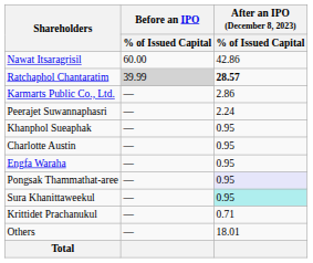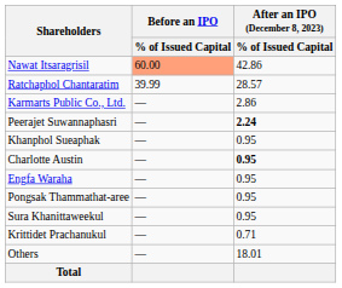 <table class="wikitable sortable col2right col3right" style="font-size: 95%;">
 <tr>
 <th rowspan=2>Shareholders</th>
 <th>Before an <a href='#'>IPO</a></th>
 <th>After an IPO<br><small>(December 8, 2023)</small></th>
 </tr>
 <tr>
 <th>% of Issued Capital</th>
 <th>% of Issued Capital</th>
 </tr>
 <tr>
 <td><a href='#'>Nawat Itsaragrisil</a></td>
-<td>60.00</td>
+<td style="background: lightsalmon;">60.00</td>
 <td>42.86</td>
 </tr>
 <tr>
 <td><a href='#'>Ratchaphol Chantaratim</a></td>
-<td style="background: lightgrey;">39.99</td>
-<td><strong>28.57</strong></td>
+<td>39.99</td>
+<td>28.57</td>
 </tr>
 <tr>
 <td><a href='#'>Karmarts Public Co., Ltd.</a></td>
 <td>—</td>
 <td>2.86</td>
 </tr>
 <tr>
 <td>Peerajet Suwannaphasri</td>
 <td>—</td>
-<td>2.24</td>
+<td><strong>2.24</strong></td>
 </tr>
 <tr>
 <td>Khanphol Sueaphak</td>
 <td>—</td>
 <td>0.95</td>
 </tr>
 <tr>
 <td>Charlotte Austin</td>
 <td>—</td>
-<td>0.95</td>
+<td><strong>0.95</strong></td>
 </tr>
 <tr>
 <td><a href='#'>Engfa Waraha</a></td>
 <td>—</td>
 <td>0.95</td>
 </tr>
 <tr>
 <td>Pongsak Thammathat-aree</td>
 <td>—</td>
-<td style="background: lavender;">0.95</td>
+<td>0.95</td>
 </tr>
 <tr>
 <td>Sura Khanittaweekul</td>
 <td>—</td>
-<td style="background: paleturquoise;">0.95</td>
+<td>0.95</td>
 </tr>
 <tr>
 <td>Krittidet Prachanukul</td>
 <td>—</td>
 <td>0.71</td>
 </tr>
 <tr>
 <td>Others</td>
 <td>—</td>
 <td>18.01</td>
 </tr>
 <tr>
 <th>Total</th>
 <th></th>
 <th></th>
 </tr>
 </table>
